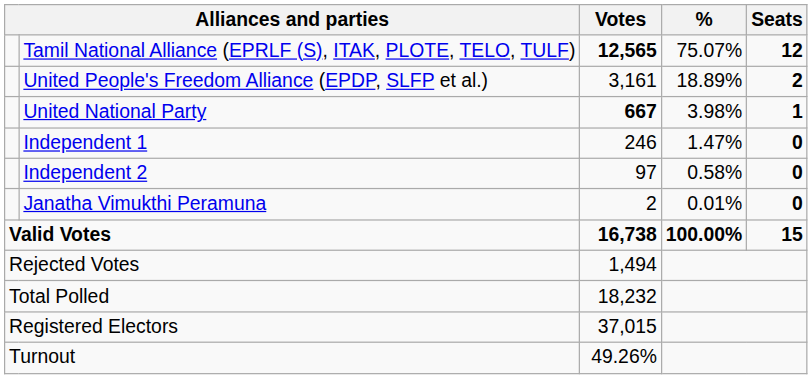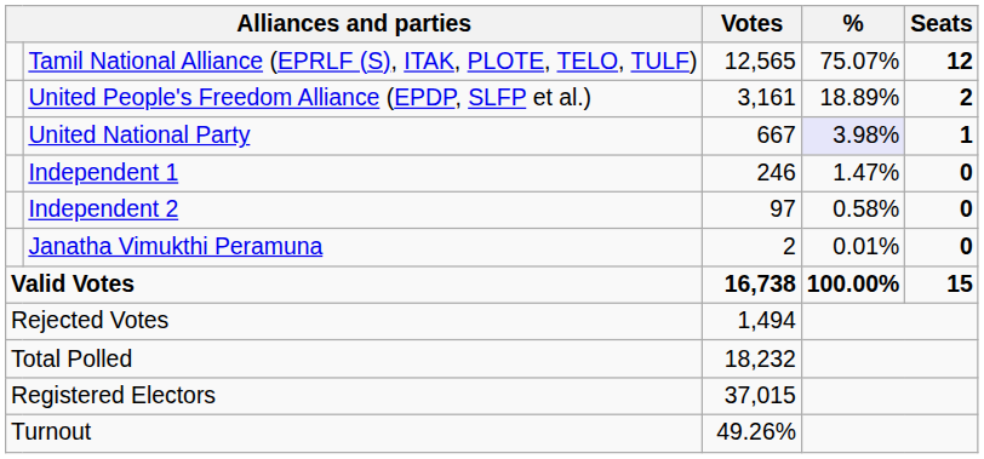 <table class="wikitable" border="1" style="text-align:right;">
 <tr>
 <th valign=bottom align=left colspan=2>Alliances and parties</th>
 <th valign=bottom align=center width="60">Votes</th>
 <th valign=bottom align=center width="50">%</th>
 <th valign=bottom align=center>Seats</th>
 </tr>
 <tr>
 <td bgcolor=> </td>
 <td align=left><a href='#'>Tamil National Alliance</a> (<a href='#'>EPRLF (S)</a>, <a href='#'>ITAK</a>, <a href='#'>PLOTE</a>, <a href='#'>TELO</a>, <a href='#'>TULF</a>)</td>
-<td><strong>12,565</strong></td>
+<td>12,565</td>
 <td>75.07%</td>
 <td><strong>12</strong></td>
 </tr>
 <tr>
 <td bgcolor=> </td>
 <td align=left><a href='#'>United People's Freedom Alliance</a> (<a href='#'>EPDP</a>, <a href='#'>SLFP</a> et al.)</td>
 <td>3,161</td>
 <td>18.89%</td>
 <td><strong>2</strong></td>
 </tr>
 <tr>
 <td bgcolor=> </td>
 <td align=left><a href='#'>United National Party</a></td>
-<td><strong>667</strong></td>
-<td>3.98%</td>
+<td>667</td>
+<td style="background: lavender;">3.98%</td>
 <td><strong>1</strong></td>
 </tr>
 <tr>
 <td></td>
 <td align=left><a href='#'>Independent 1</a></td>
 <td>246</td>
 <td>1.47%</td>
 <td><strong>0</strong></td>
 </tr>
 <tr>
 <td></td>
 <td align=left><a href='#'>Independent 2</a></td>
 <td>97</td>
 <td>0.58%</td>
 <td><strong>0</strong></td>
 </tr>
 <tr>
 <td bgcolor=> </td>
 <td align=left><a href='#'>Janatha Vimukthi Peramuna</a></td>
 <td>2</td>
 <td>0.01%</td>
 <td><strong>0</strong></td>
 </tr>
 <tr>
 <td colspan=2 align=left><strong>Valid Votes</strong></td>
 <td><strong>16,738</strong></td>
 <td><strong>100.00%</strong></td>
 <td><strong>15</strong></td>
 </tr>
 <tr>
 <td colspan=2 align=left>Rejected Votes</td>
 <td>1,494</td>
 <td colspan=2></td>
 </tr>
 <tr>
 <td colspan=2 align=left>Total Polled</td>
 <td>18,232</td>
 <td colspan=2></td>
 </tr>
 <tr>
 <td colspan=2 align=left>Registered Electors</td>
 <td>37,015</td>
 <td colspan=2></td>
 </tr>
 <tr>
 <td colspan=2 align=left>Turnout</td>
 <td>49.26%</td>
 <td colspan=2></td>
 </tr>
 </table>
